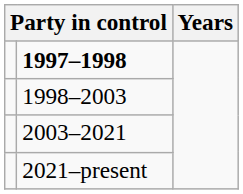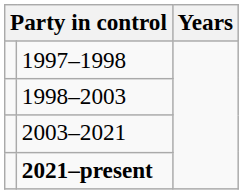 <table class="wikitable">
 <tr>
 <th colspan="2">Party in control</th>
 <th>Years</th>
 </tr>
 <tr>
 <td></td>
-<td><strong>1997–1998</strong></td>
+<td>1997–1998</td>
 </tr>
 <tr>
 <td></td>
 <td>1998–2003</td>
 </tr>
 <tr>
 <td></td>
 <td>2003–2021</td>
 </tr>
 <tr>
 <td></td>
-<td>2021–present</td>
+<td><strong>2021–present</strong></td>
 </tr>
 </table>
